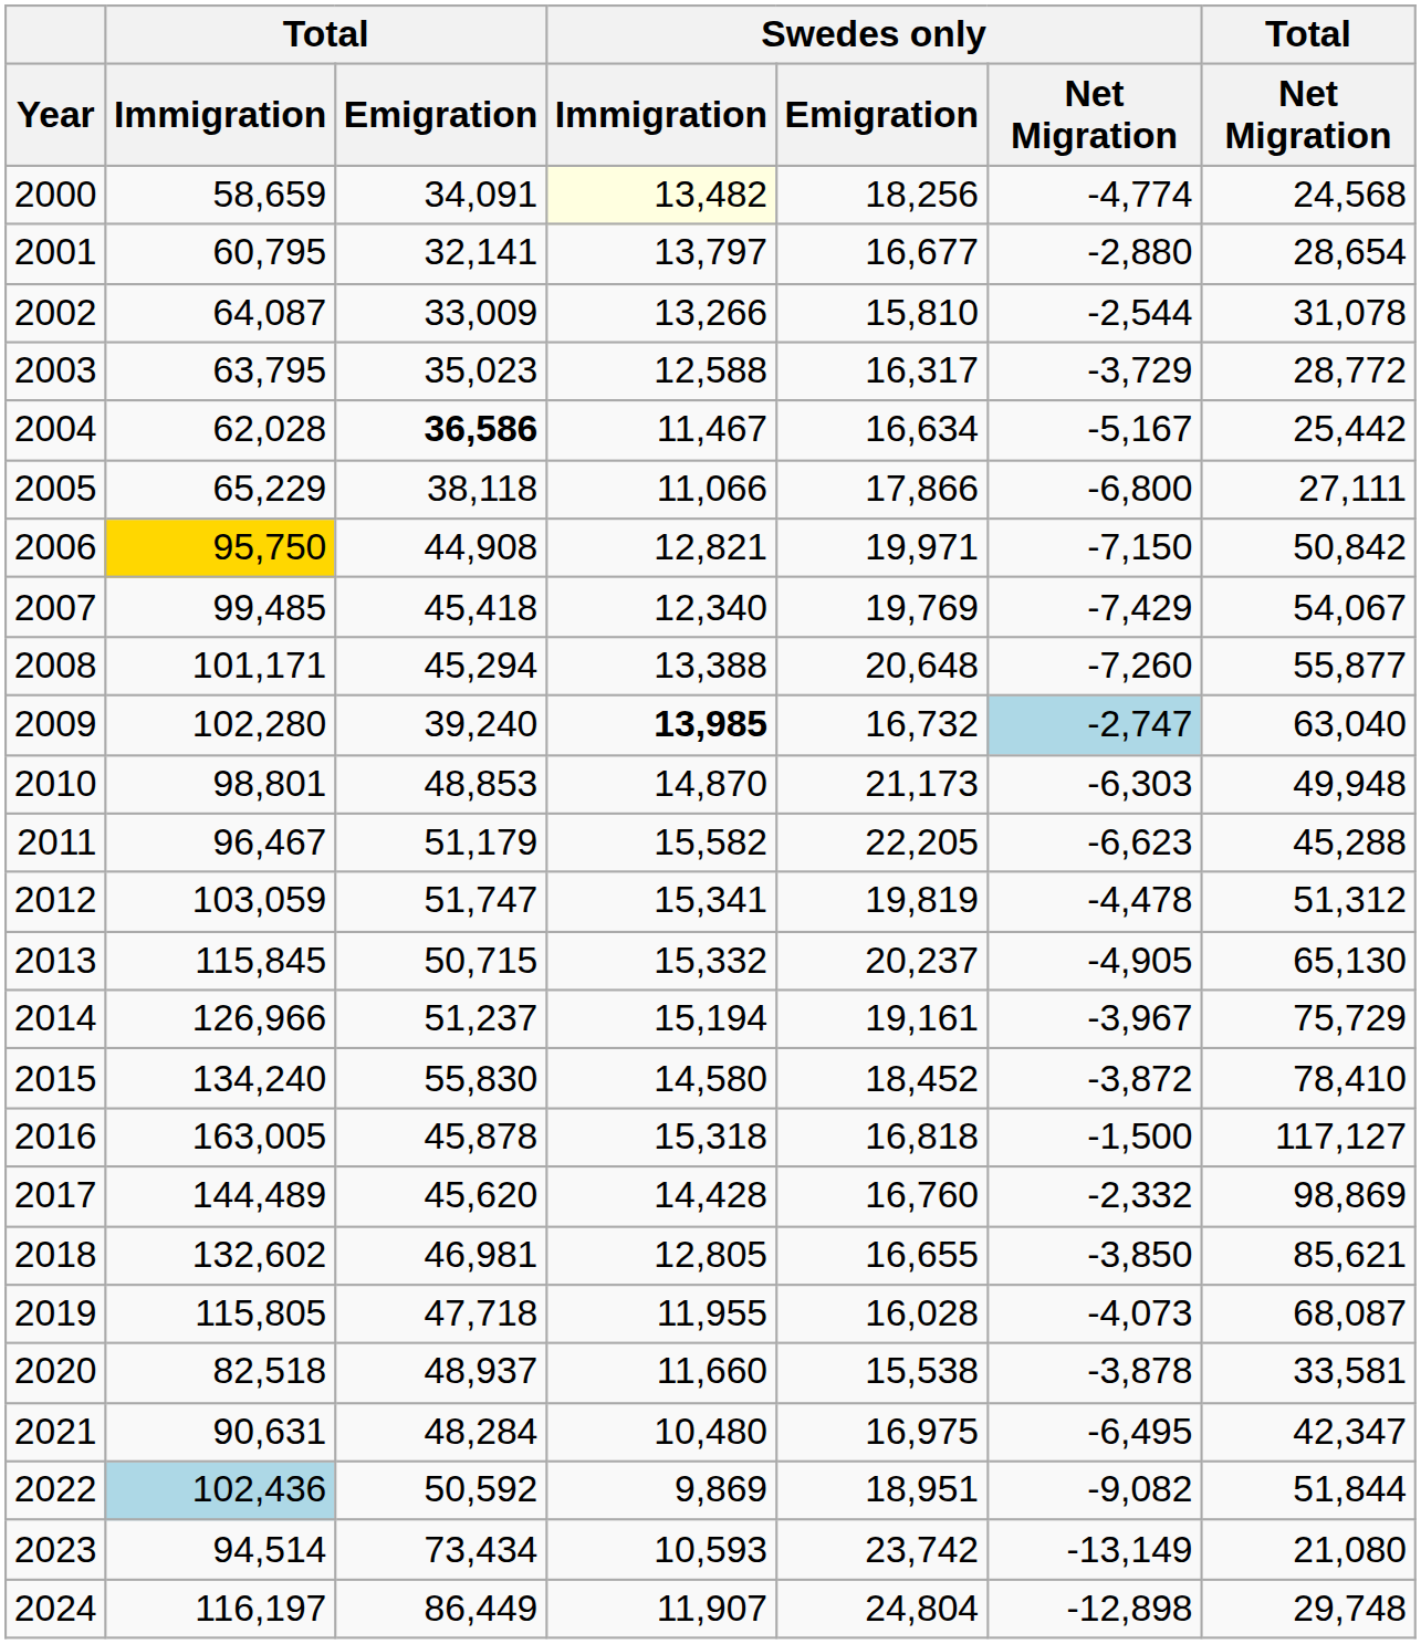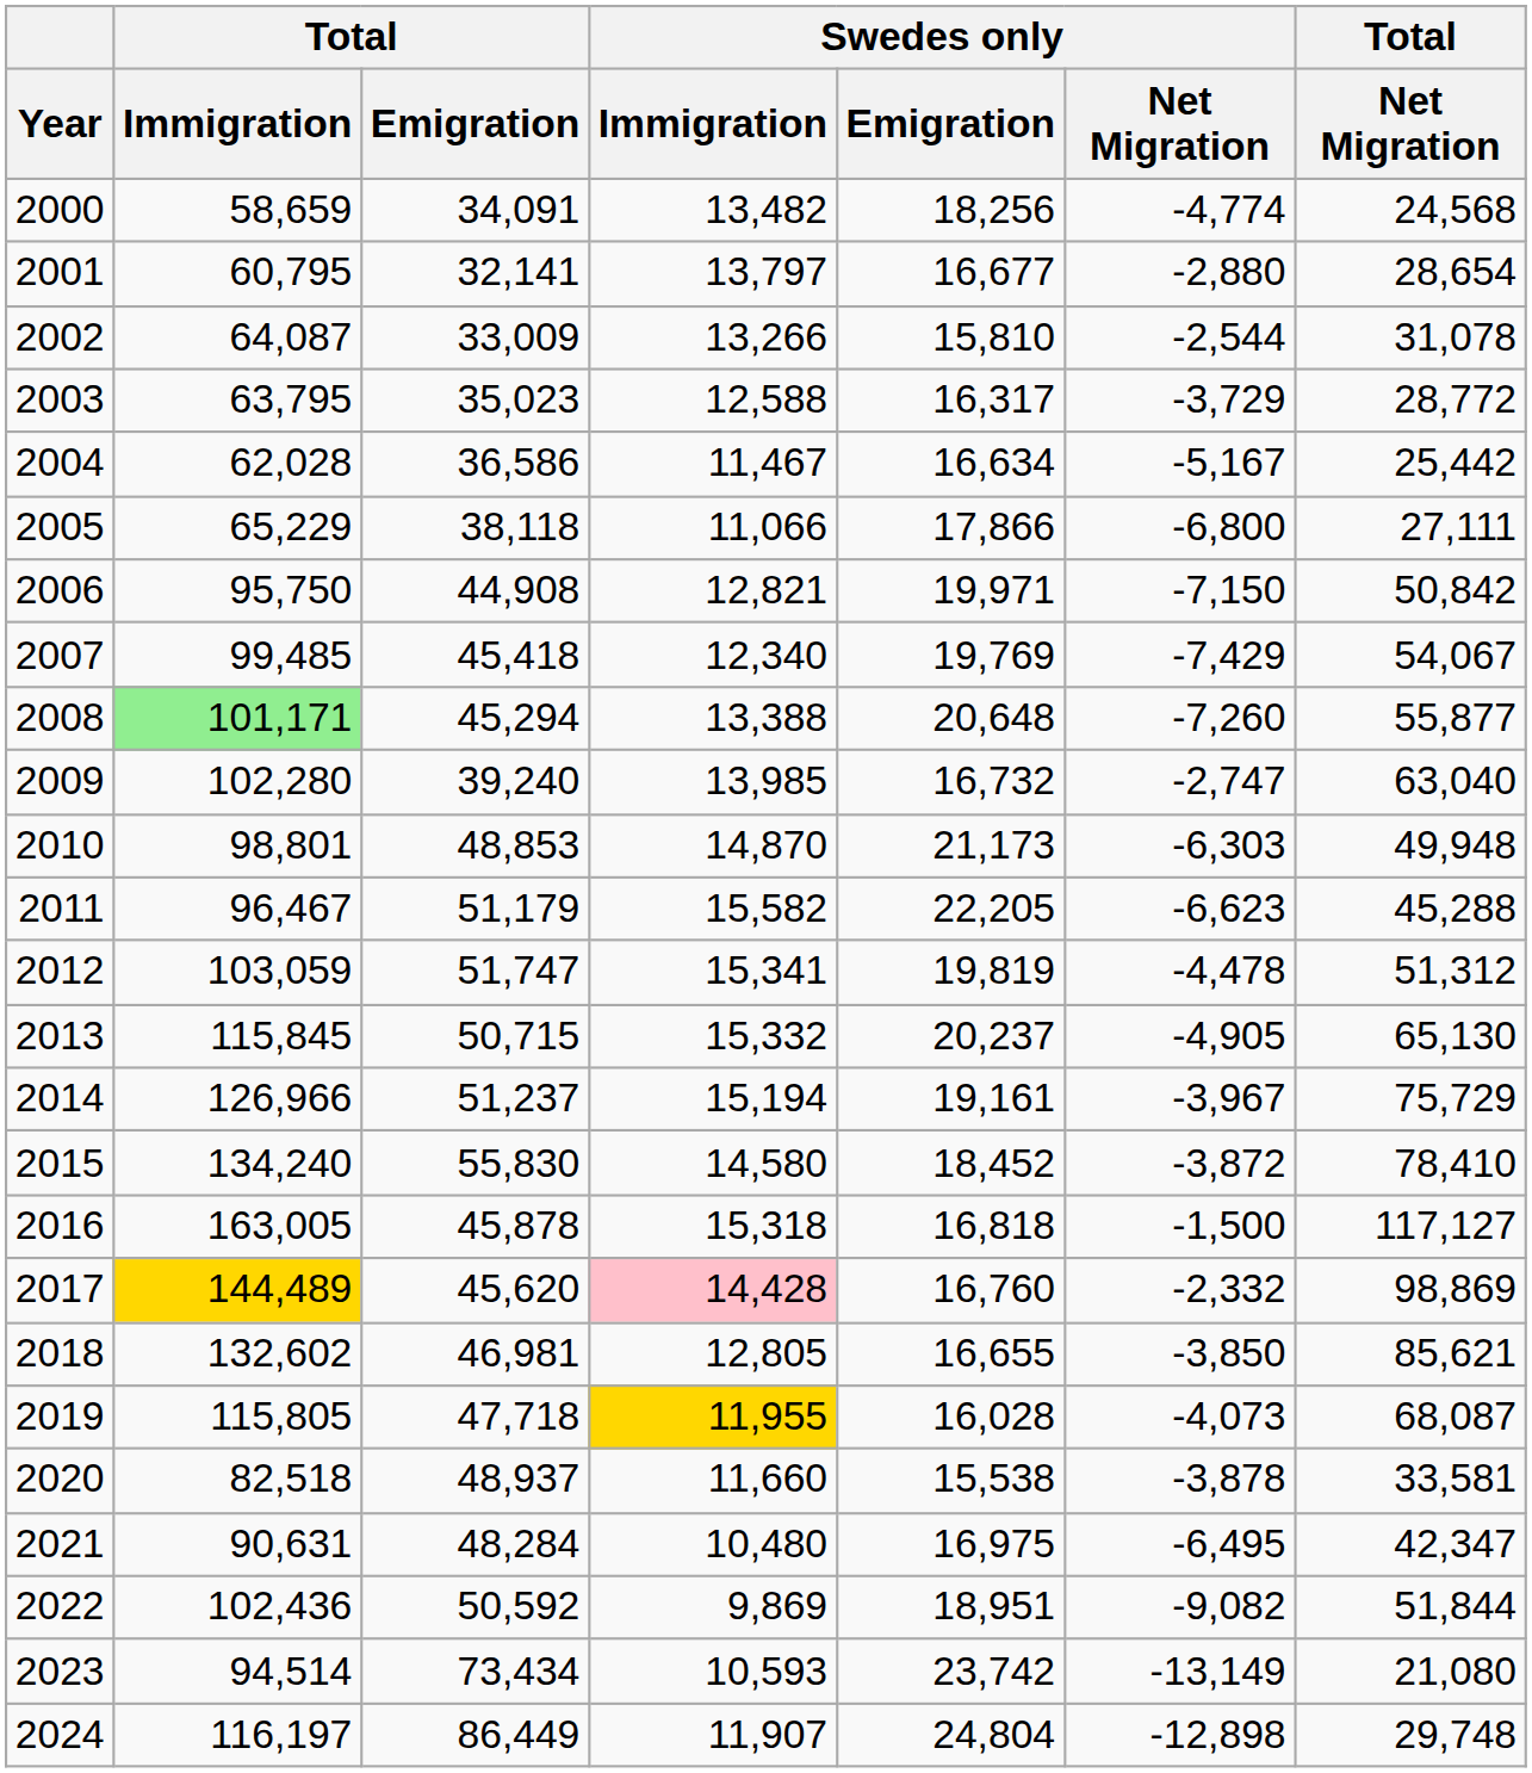 <table class="wikitable sortable" style="text-align:right;">
 <tr>
 <th></th>
 <th colspan=2>Total</th>
 <th colspan=3>Swedes only</th>
 <th>Total</th>
 </tr>
 <tr>
 <th>Year</th>
 <th>Immigration</th>
 <th>Emigration</th>
 <th>Immigration</th>
 <th>Emigration</th>
 <th>Net Migration</th>
 <th>Net Migration</th>
 </tr>
 <tr>
 <td>2000</td>
 <td>58,659</td>
 <td>34,091</td>
-<td style="background: lightyellow;">13,482</td>
+<td>13,482</td>
 <td>18,256</td>
 <td>-4,774</td>
 <td>24,568</td>
 </tr>
 <tr>
 <td>2001</td>
 <td>60,795</td>
 <td>32,141</td>
 <td>13,797</td>
 <td>16,677</td>
 <td>-2,880</td>
 <td>28,654</td>
 </tr>
 <tr>
 <td>2002</td>
 <td>64,087</td>
 <td>33,009</td>
 <td>13,266</td>
 <td>15,810</td>
 <td>-2,544</td>
 <td>31,078</td>
 </tr>
 <tr>
 <td>2003</td>
 <td>63,795</td>
 <td>35,023</td>
 <td>12,588</td>
 <td>16,317</td>
 <td>-3,729</td>
 <td>28,772</td>
 </tr>
 <tr>
 <td>2004</td>
 <td>62,028</td>
-<td><strong>36,586</strong></td>
+<td>36,586</td>
 <td>11,467</td>
 <td>16,634</td>
 <td>-5,167</td>
 <td>25,442</td>
 </tr>
 <tr>
 <td>2005</td>
 <td>65,229</td>
 <td>38,118</td>
 <td>11,066</td>
 <td>17,866</td>
 <td>-6,800</td>
 <td>27,111</td>
 </tr>
 <tr>
 <td>2006</td>
-<td style="background: gold;">95,750</td>
+<td>95,750</td>
 <td>44,908</td>
 <td>12,821</td>
 <td>19,971</td>
 <td>-7,150</td>
 <td>50,842</td>
 </tr>
 <tr>
 <td>2007</td>
 <td>99,485</td>
 <td>45,418</td>
 <td>12,340</td>
 <td>19,769</td>
 <td>-7,429</td>
 <td>54,067</td>
 </tr>
 <tr>
 <td>2008</td>
-<td>101,171</td>
+<td style="background: lightgreen;">101,171</td>
 <td>45,294</td>
 <td>13,388</td>
 <td>20,648</td>
 <td>-7,260</td>
 <td>55,877</td>
 </tr>
 <tr>
 <td>2009</td>
 <td>102,280</td>
 <td>39,240</td>
-<td><strong>13,985</strong></td>
+<td>13,985</td>
 <td>16,732</td>
-<td style="background: lightblue;">-2,747</td>
+<td>-2,747</td>
 <td>63,040</td>
 </tr>
 <tr>
 <td>2010</td>
 <td>98,801</td>
 <td>48,853</td>
 <td>14,870</td>
 <td>21,173</td>
 <td>-6,303</td>
 <td>49,948</td>
 </tr>
 <tr>
 <td>2011</td>
 <td>96,467</td>
 <td>51,179</td>
 <td>15,582</td>
 <td>22,205</td>
 <td>-6,623</td>
 <td>45,288</td>
 </tr>
 <tr>
 <td>2012</td>
 <td>103,059</td>
 <td>51,747</td>
 <td>15,341</td>
 <td>19,819</td>
 <td>-4,478</td>
 <td>51,312</td>
 </tr>
 <tr>
 <td>2013</td>
 <td>115,845</td>
 <td>50,715</td>
 <td>15,332</td>
 <td>20,237</td>
 <td>-4,905</td>
 <td>65,130</td>
 </tr>
 <tr>
 <td>2014</td>
 <td>126,966</td>
 <td>51,237</td>
 <td>15,194</td>
 <td>19,161</td>
 <td>-3,967</td>
 <td>75,729</td>
 </tr>
 <tr>
 <td>2015</td>
 <td>134,240</td>
 <td>55,830</td>
 <td>14,580</td>
 <td>18,452</td>
 <td>-3,872</td>
 <td>78,410</td>
 </tr>
 <tr>
 <td>2016</td>
 <td>163,005</td>
 <td>45,878</td>
 <td>15,318</td>
 <td>16,818</td>
 <td>-1,500</td>
 <td>117,127</td>
 </tr>
 <tr>
 <td>2017</td>
-<td>144,489</td>
+<td style="background: gold;">144,489</td>
 <td>45,620</td>
-<td>14,428</td>
+<td style="background: pink;">14,428</td>
 <td>16,760</td>
 <td>-2,332</td>
 <td>98,869</td>
 </tr>
 <tr>
 <td>2018</td>
 <td>132,602</td>
 <td>46,981</td>
 <td>12,805</td>
 <td>16,655</td>
 <td>-3,850</td>
 <td>85,621</td>
 </tr>
 <tr>
 <td>2019</td>
 <td>115,805</td>
 <td>47,718</td>
-<td>11,955</td>
+<td style="background: gold;">11,955</td>
 <td>16,028</td>
 <td>-4,073</td>
 <td>68,087</td>
 </tr>
 <tr>
 <td>2020</td>
 <td>82,518</td>
 <td>48,937</td>
 <td>11,660</td>
 <td>15,538</td>
 <td>-3,878</td>
 <td>33,581</td>
 </tr>
 <tr>
 <td>2021</td>
 <td>90,631</td>
 <td>48,284</td>
 <td>10,480</td>
 <td>16,975</td>
 <td>-6,495</td>
 <td>42,347</td>
 </tr>
 <tr>
 <td>2022</td>
-<td style="background: lightblue;">102,436</td>
+<td>102,436</td>
 <td>50,592</td>
 <td>9,869</td>
 <td>18,951</td>
 <td>-9,082</td>
 <td>51,844</td>
 </tr>
 <tr>
 <td>2023</td>
 <td>94,514</td>
 <td>73,434</td>
 <td>10,593</td>
 <td>23,742</td>
 <td>-13,149</td>
 <td>21,080</td>
 </tr>
 <tr>
 <td>2024</td>
 <td>116,197</td>
 <td>86,449</td>
 <td>11,907</td>
 <td>24,804</td>
 <td>-12,898</td>
 <td>29,748</td>
 </tr>
 </table>
